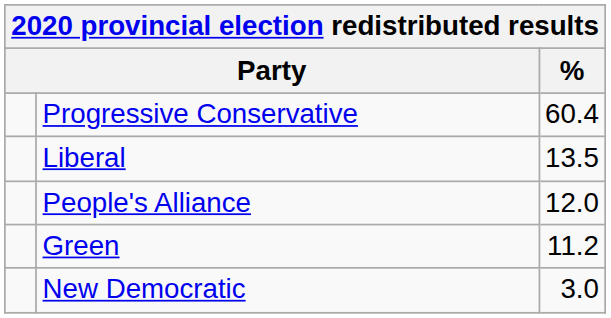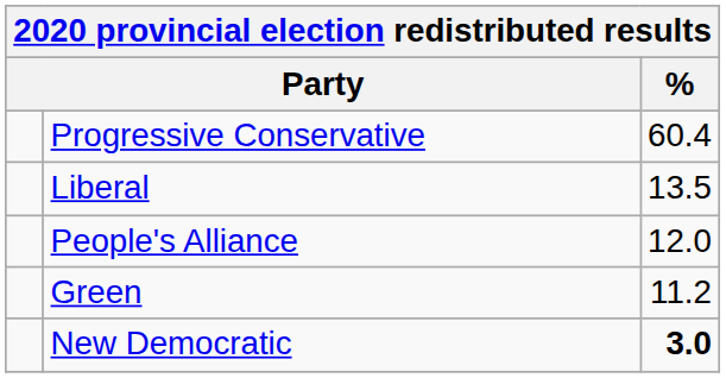 <table class="wikitable">
 <tr>
 <th colspan="4"><a href='#'>2020 provincial election</a> redistributed results</th>
 </tr>
 <tr>
 <th bgcolor="#DDDDFF" width="130px" colspan="2">Party</th>
 <th bgcolor="#DDDDFF" width="30px">%</th>
 </tr>
 <tr>
 <td> </td>
 <td><a href='#'>Progressive Conservative</a></td>
 <td align=right>60.4</td>
 </tr>
 <tr>
 <td> </td>
 <td><a href='#'>Liberal</a></td>
 <td align=right>13.5</td>
 </tr>
 <tr>
 <td> </td>
 <td><a href='#'>People's Alliance</a></td>
 <td align=right>12.0</td>
 </tr>
 <tr>
 <td> </td>
 <td><a href='#'>Green</a></td>
 <td align=right>11.2</td>
 </tr>
 <tr>
 <td> </td>
 <td><a href='#'>New Democratic</a></td>
-<td align=right>3.0</td>
+<td align=right><strong>3.0</strong></td>
 </tr>
 </table>
